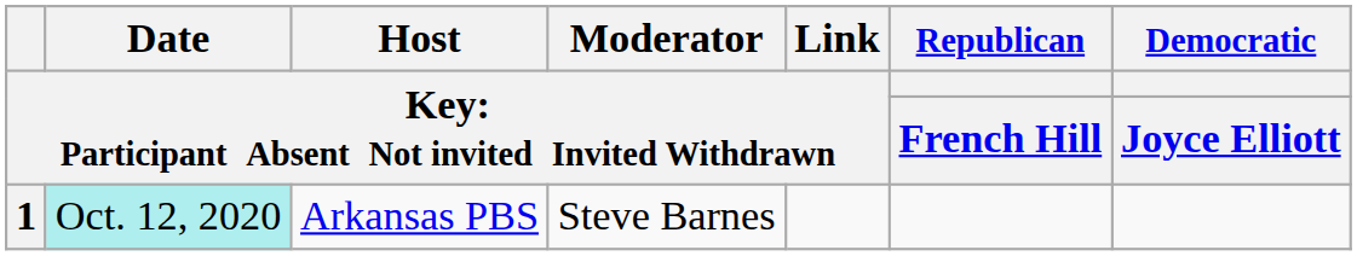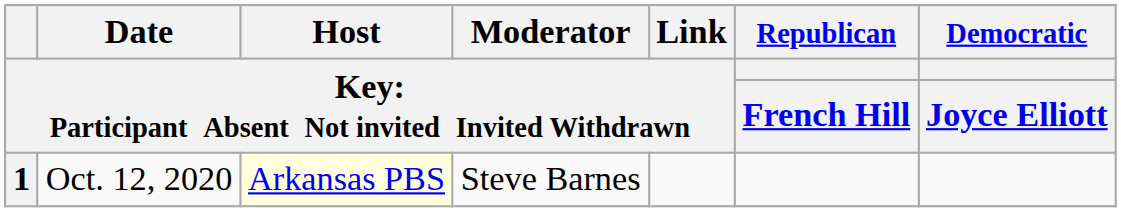 <table class="wikitable" style="text-align:center;">
 <tr>
 <th scope="col"></th>
 <th scope="col">Date</th>
 <th scope="col">Host</th>
 <th scope="col">Moderator</th>
 <th scope="col">Link</th>
 <th scope="col"><small><a href='#'>Republican</a></small></th>
 <th scope="col"><small><a href='#'>Democratic</a></small></th>
 </tr>
 <tr>
 <th colspan="5" rowspan="2">Key:<br> <small>Participant </small>  <small>Absent </small>  <small>Not invited </small>  <small>Invited  Withdrawn</small></th>
 <th scope="col" style="background:"></th>
 <th scope="col" style="background:"></th>
 </tr>
 <tr>
 <th scope="col"><a href='#'>French Hill</a></th>
 <th scope="col"><a href='#'>Joyce Elliott</a></th>
 </tr>
 <tr>
 <th>1</th>
-<td style="background: paleturquoise; white-space:nowrap;">Oct. 12, 2020</td>
-<td style="white-space:nowrap;"><a href='#'>Arkansas PBS</a></td>
+<td style="white-space:nowrap;">Oct. 12, 2020</td>
+<td style="background: lightyellow; white-space:nowrap;"><a href='#'>Arkansas PBS</a></td>
 <td style="white-space:nowrap;">Steve Barnes</td>
 <td style="white-space:nowrap;"></td>
 <td></td>
 <td></td>
 </tr>
 </table>
